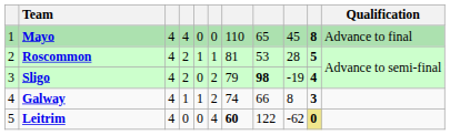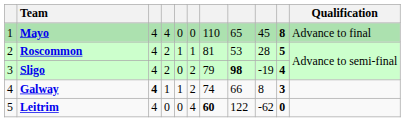 <table class="wikitable">
 <tr>
 <th width="10"></th>
 <th width="170" style="text-align:left;">Team</th>
 <th width="10"></th>
 <th width="10"></th>
 <th width="10"></th>
 <th width="10"></th>
 <th width="30"></th>
 <th width="30"></th>
 <th width="10"></th>
 <th width="10"></th>
 <th>Qualification</th>
 </tr>
 <tr style="background:#ace1af">
 <td>1</td>
 <td align="left"><strong> <a href='#'>Mayo</a></strong></td>
 <td>4</td>
 <td>4</td>
 <td>0</td>
 <td>0</td>
 <td>110</td>
 <td>65</td>
 <td>45</td>
 <td><strong>8</strong></td>
 <td>Advance to final</td>
 </tr>
 <tr style="background:#ccffcc">
 <td>2</td>
 <td align="left"><strong> <a href='#'>Roscommon</a></strong></td>
 <td>4</td>
 <td>2</td>
 <td>1</td>
 <td>1</td>
 <td>81</td>
 <td>53</td>
 <td>28</td>
 <td><strong>5</strong></td>
 <td rowspan=2>Advance to semi-final</td>
 </tr>
 <tr style="background:#ccffcc">
 <td>3</td>
 <td align="left"><strong> <a href='#'>Sligo</a></strong></td>
 <td>4</td>
 <td>2</td>
 <td>0</td>
 <td>2</td>
 <td>79</td>
 <td><strong>98</strong></td>
 <td>-19</td>
 <td><strong>4</strong></td>
 </tr>
 <tr>
 <td>4</td>
 <td align="left"><strong> <a href='#'>Galway</a></strong></td>
-<td>4</td>
+<td><strong>4</strong></td>
 <td>1</td>
 <td>1</td>
 <td>2</td>
 <td>74</td>
 <td>66</td>
 <td>8</td>
 <td><strong>3</strong></td>
 <td></td>
 </tr>
 <tr>
 <td>5</td>
 <td align="left"><strong> <a href='#'>Leitrim</a></strong></td>
 <td>4</td>
 <td>0</td>
 <td>0</td>
 <td>4</td>
 <td><strong>60</strong></td>
 <td>122</td>
 <td>-62</td>
-<td style="background: khaki;"><strong>0</strong></td>
+<td><strong>0</strong></td>
 <td></td>
 </tr>
 </table>
